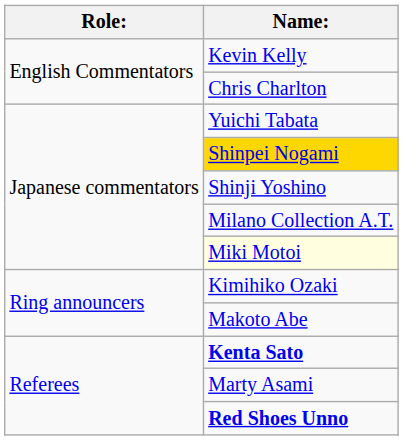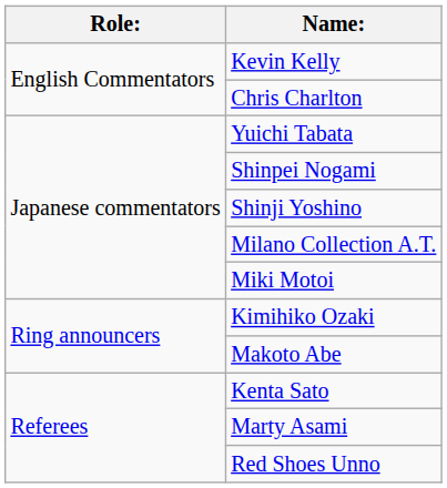 <table class=wikitable style="font-size:90%; margin: 0.5em 0 0.5em 1em; float: right; clear: right;">
 <tr>
 <th>Role:</th>
 <th>Name:</th>
 </tr>
 <tr>
 <td rowspan="2">English Commentators</td>
 <td><a href='#'>Kevin Kelly</a></td>
 </tr>
 <tr>
 <td><a href='#'>Chris Charlton</a></td>
 </tr>
 <tr>
 <td rowspan="5">Japanese commentators</td>
 <td><a href='#'>Yuichi Tabata</a> </td>
 </tr>
 <tr>
-<td style="background: gold;"><a href='#'>Shinpei Nogami</a> </td>
+<td><a href='#'>Shinpei Nogami</a> </td>
 </tr>
 <tr>
 <td><a href='#'>Shinji Yoshino</a> </td>
 </tr>
 <tr>
 <td><a href='#'>Milano Collection A.T.</a></td>
 </tr>
 <tr>
-<td style="background: lightyellow;"><a href='#'>Miki Motoi</a></td>
+<td><a href='#'>Miki Motoi</a></td>
 </tr>
 <tr>
 <td rowspan="2"><a href='#'>Ring announcers</a></td>
 <td><a href='#'>Kimihiko Ozaki</a></td>
 </tr>
 <tr>
 <td><a href='#'>Makoto Abe</a></td>
 </tr>
 <tr>
 <td rowspan="3"><a href='#'>Referees</a></td>
-<td><strong><a href='#'>Kenta Sato</a></strong></td>
+<td><a href='#'>Kenta Sato</a></td>
 </tr>
 <tr>
 <td><a href='#'>Marty Asami</a></td>
 </tr>
 <tr>
-<td><strong><a href='#'>Red Shoes Unno</a></strong></td>
+<td><a href='#'>Red Shoes Unno</a></td>
 </tr>
 </table>
